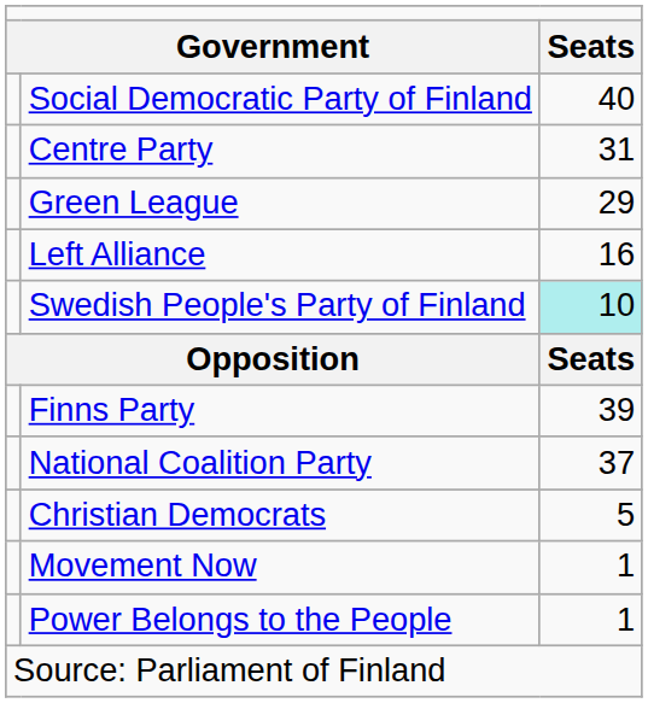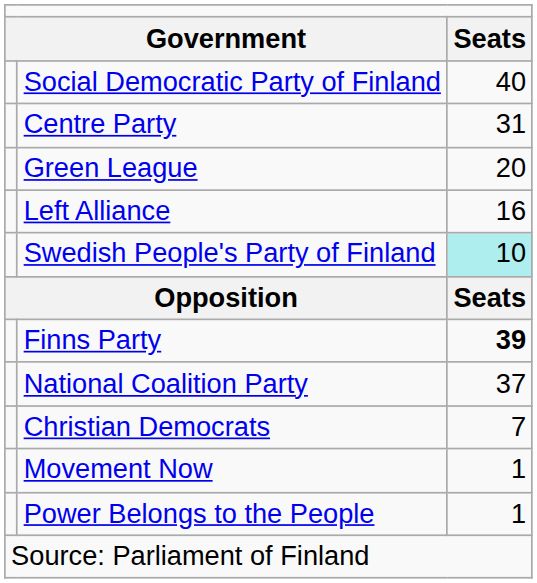 <table class="wikitable" style="text-align:right">
 <tr>
 <td colspan="7" style="text-align:center"></td>
 </tr>
 <tr>
 <th colspan="2">Government</th>
 <th>Seats</th>
 </tr>
 <tr>
 <td></td>
 <td align="left"><a href='#'>Social Democratic Party of Finland</a></td>
 <td>40</td>
 </tr>
 <tr>
 <td></td>
 <td align="left"><a href='#'>Centre Party</a></td>
 <td>31</td>
 </tr>
 <tr>
 <td></td>
 <td align="left"><a href='#'>Green League</a></td>
-<td>29</td>
+<td>20</td>
 </tr>
 <tr>
 <td></td>
 <td align="left"><a href='#'>Left Alliance</a></td>
 <td>16</td>
 </tr>
 <tr>
 <td></td>
 <td align="left"><a href='#'>Swedish People's Party of Finland</a></td>
 <td style="background: paleturquoise;">10</td>
 </tr>
 <tr>
 <th colspan="2">Opposition</th>
 <th>Seats</th>
 </tr>
 <tr>
 <td></td>
 <td align="left"><a href='#'>Finns Party</a></td>
-<td>39</td>
+<td><strong>39</strong></td>
 </tr>
 <tr>
 <td></td>
 <td align="left"><a href='#'>National Coalition Party</a></td>
 <td>37</td>
 </tr>
 <tr>
 <td></td>
 <td align="left"><a href='#'>Christian Democrats</a></td>
-<td>5</td>
+<td>7</td>
 </tr>
 <tr>
 <td></td>
 <td align="left"><a href='#'>Movement Now</a></td>
 <td>1</td>
 </tr>
 <tr>
 <td></td>
 <td align="left"><a href='#'>Power Belongs to the People</a></td>
 <td>1</td>
 </tr>
 <tr>
 <td style="text-align:left" colspan="3">Source: Parliament of Finland</td>
 </tr>
 </table>
